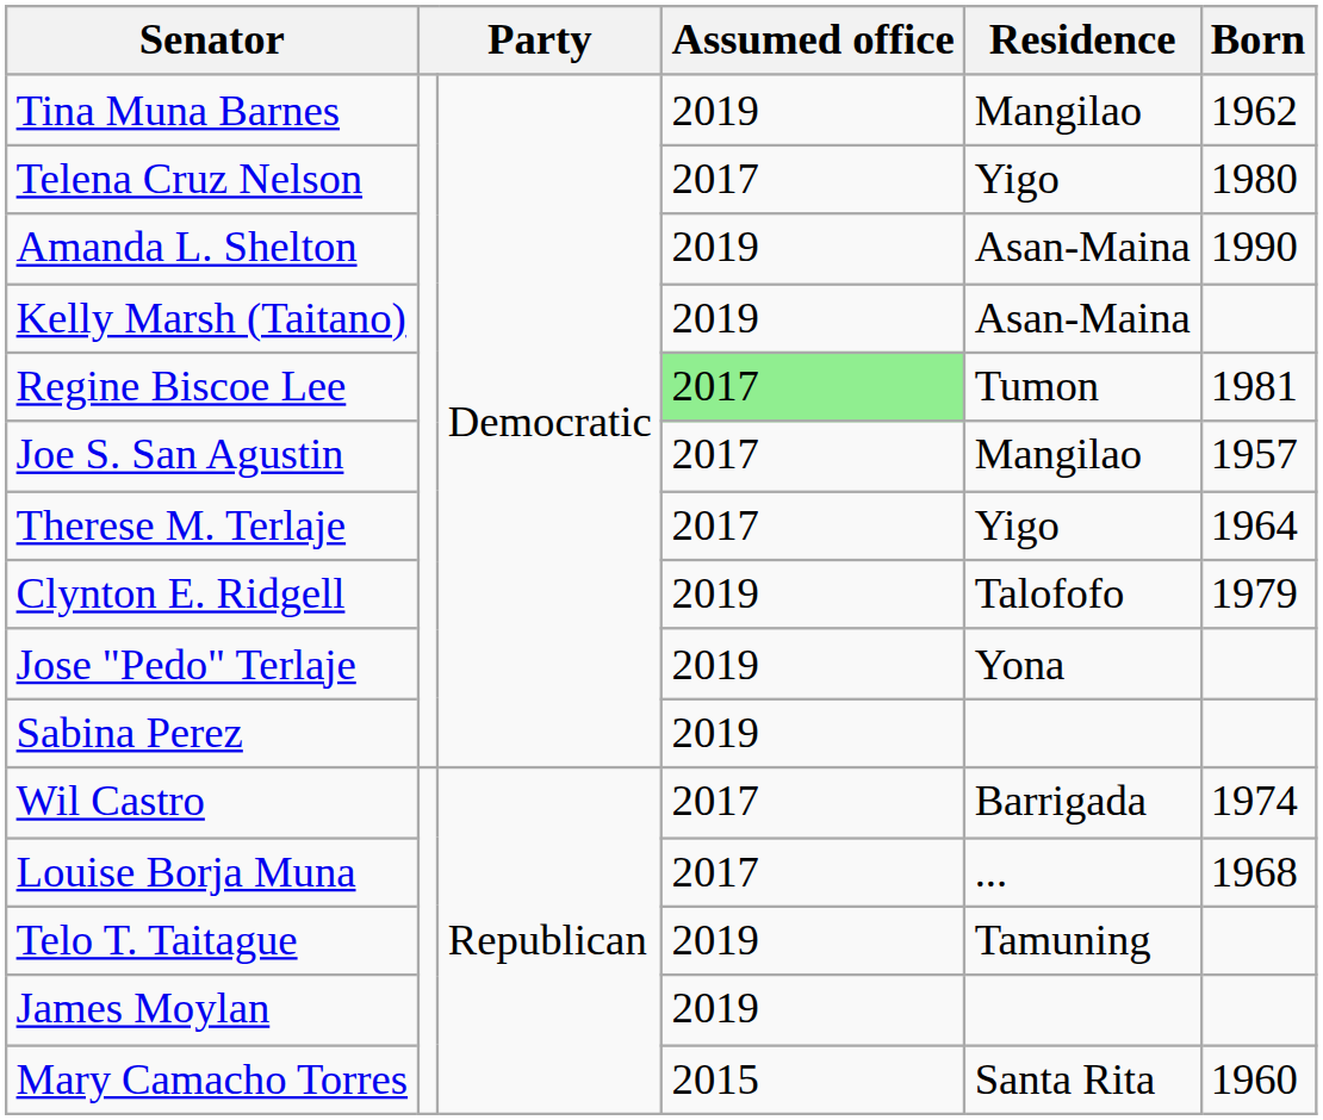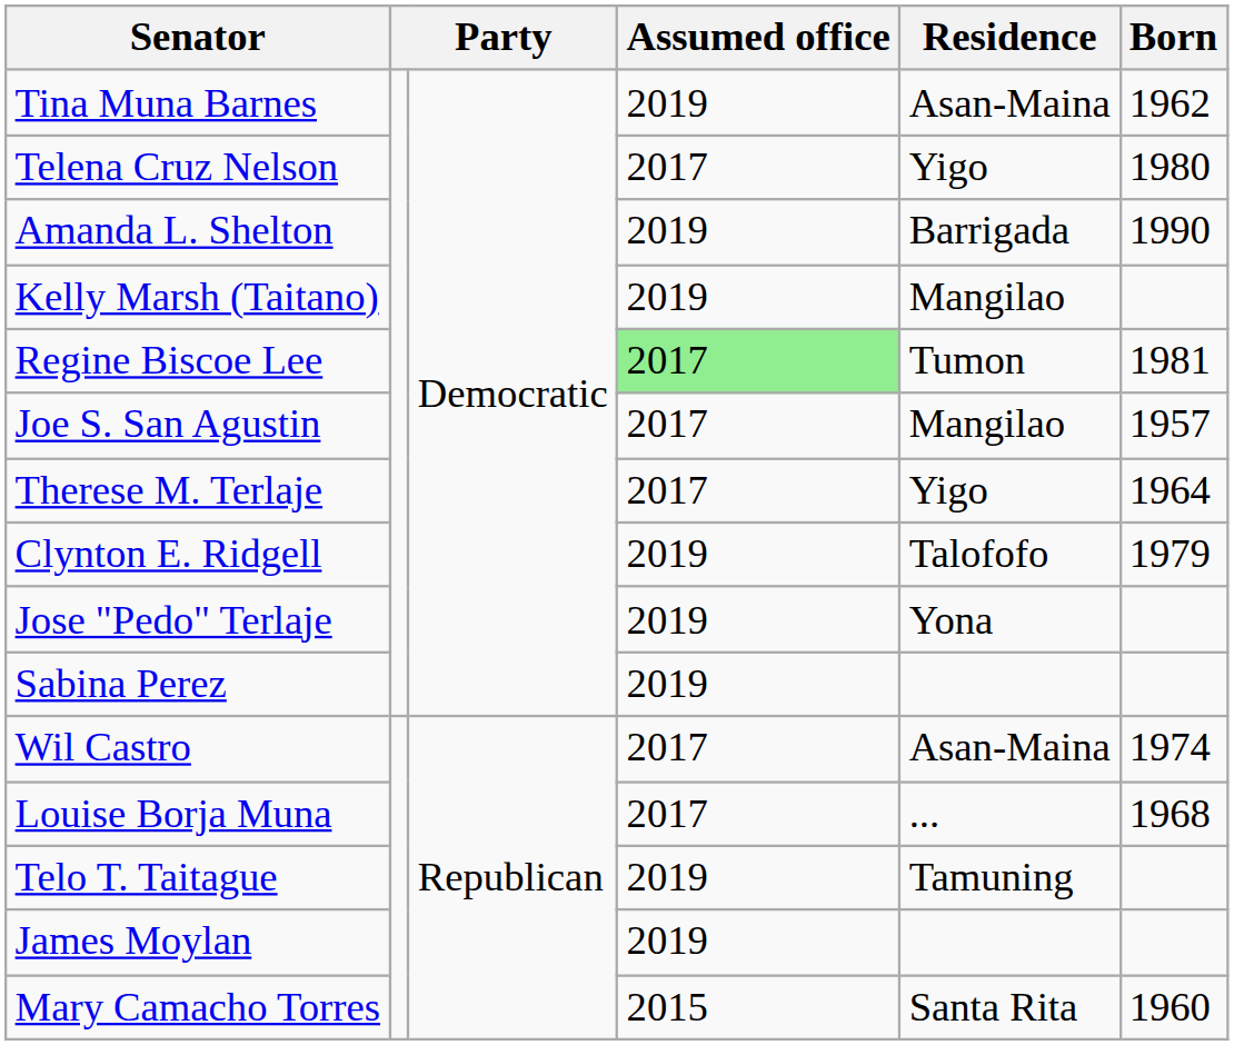 <table class="wikitable sortable" id="votingmembers">
 <tr style="vertical-align:bottom;">
 <th>Senator</th>
 <th colspan=2>Party</th>
 <th>Assumed office</th>
 <th>Residence</th>
 <th>Born</th>
 </tr>
 <tr>
 <td><a href='#'>Tina Muna Barnes</a></td>
 <td rowspan="10" style="background-color:"></td>
 <td rowspan="10">Democratic</td>
 <td>2019</td>
-<td>Mangilao</td>
+<td>Asan-Maina</td>
 <td>1962</td>
 </tr>
 <tr>
 <td><a href='#'>Telena Cruz Nelson</a></td>
 <td>2017</td>
 <td>Yigo</td>
 <td>1980</td>
 </tr>
 <tr>
 <td><a href='#'>Amanda L. Shelton</a></td>
 <td>2019</td>
-<td>Asan-Maina</td>
+<td>Barrigada</td>
 <td>1990</td>
 </tr>
 <tr>
 <td><a href='#'>Kelly Marsh (Taitano)</a></td>
 <td>2019</td>
-<td>Asan-Maina</td>
+<td>Mangilao</td>
 <td></td>
 </tr>
 <tr>
 <td><a href='#'>Regine Biscoe Lee</a></td>
 <td style="background: lightgreen;">2017</td>
 <td>Tumon</td>
 <td>1981</td>
 </tr>
 <tr>
 <td><a href='#'>Joe S. San Agustin</a></td>
 <td>2017</td>
 <td>Mangilao</td>
 <td>1957</td>
 </tr>
 <tr>
 <td><a href='#'>Therese M. Terlaje</a></td>
 <td>2017</td>
 <td>Yigo</td>
 <td>1964</td>
 </tr>
 <tr>
 <td><a href='#'>Clynton E. Ridgell</a></td>
 <td>2019</td>
 <td>Talofofo</td>
 <td>1979</td>
 </tr>
 <tr>
 <td><a href='#'>Jose "Pedo" Terlaje</a></td>
 <td>2019</td>
 <td>Yona</td>
 <td></td>
 </tr>
 <tr>
 <td><a href='#'>Sabina Perez</a></td>
 <td>2019</td>
 <td></td>
 <td></td>
 </tr>
 <tr>
 <td><a href='#'>Wil Castro</a></td>
 <td rowspan="5" style="background-color:"></td>
 <td rowspan="5">Republican</td>
 <td>2017</td>
-<td>Barrigada</td>
+<td>Asan-Maina</td>
 <td>1974</td>
 </tr>
 <tr>
 <td><a href='#'>Louise Borja Muna</a></td>
 <td>2017</td>
 <td>...</td>
 <td>1968</td>
 </tr>
 <tr>
 <td><a href='#'>Telo T. Taitague</a></td>
 <td>2019</td>
 <td>Tamuning</td>
 <td></td>
 </tr>
 <tr>
 <td><a href='#'>James Moylan</a></td>
 <td>2019</td>
 <td></td>
 <td></td>
 </tr>
 <tr>
 <td><a href='#'>Mary Camacho Torres</a></td>
 <td>2015</td>
 <td>Santa Rita</td>
 <td>1960</td>
 </tr>
 </table>
